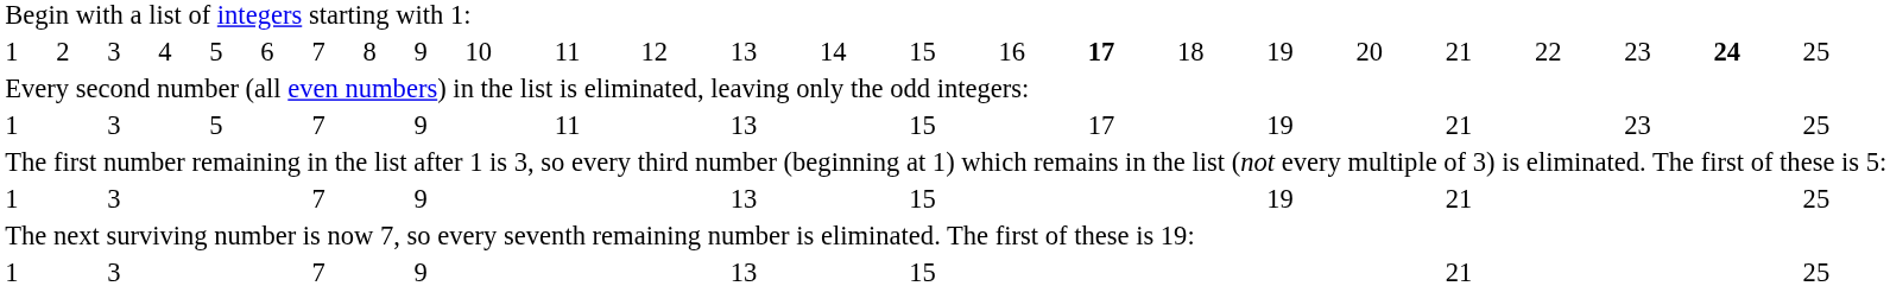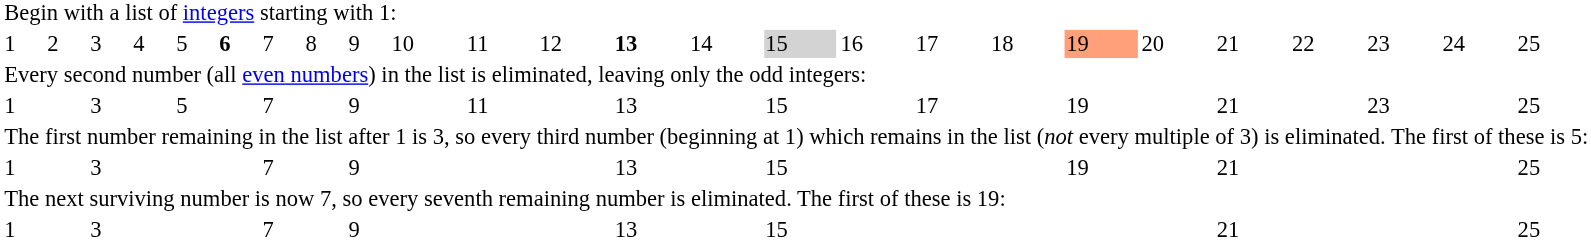 <table>
 <tr>
 <td colspan="25">Begin with a list of <a href='#'>integers</a> starting with 1:</td>
 </tr>
 <tr>
 <td>1</td>
 <td>2</td>
 <td>3</td>
 <td>4</td>
 <td>5</td>
-<td>6</td>
+<td><strong>6</strong></td>
 <td>7</td>
 <td>8</td>
 <td>9</td>
 <td>10</td>
 <td>11</td>
 <td>12</td>
-<td>13</td>
+<td><strong>13</strong></td>
 <td>14</td>
-<td>15</td>
+<td style="background: lightgrey;">15</td>
 <td>16</td>
-<td><strong>17</strong></td>
+<td>17</td>
 <td>18</td>
-<td>19</td>
+<td style="background: lightsalmon;">19</td>
 <td>20</td>
 <td>21</td>
 <td>22</td>
 <td>23</td>
-<td><strong>24</strong></td>
+<td>24</td>
 <td>25</td>
 </tr>
 <tr>
 <td colspan="25">Every second number (all <a href='#'>even numbers</a>) in the  list is eliminated, leaving only the odd integers:</td>
 </tr>
 <tr>
 <td>1</td>
 <td></td>
 <td>3</td>
 <td></td>
 <td>5</td>
 <td></td>
 <td>7</td>
 <td></td>
 <td>9</td>
 <td></td>
 <td>11</td>
 <td></td>
 <td>13</td>
 <td></td>
 <td>15</td>
 <td></td>
 <td>17</td>
 <td></td>
 <td>19</td>
 <td></td>
 <td>21</td>
 <td></td>
 <td>23</td>
 <td></td>
 <td>25</td>
 </tr>
 <tr>
 <td colspan="25">The first number remaining in the list after 1 is 3, so every third number (beginning at 1) which remains in the list (<em>not</em> every multiple of 3) is eliminated. The first of these is 5:</td>
 </tr>
 <tr>
 <td>1</td>
 <td></td>
 <td>3</td>
 <td></td>
 <td></td>
 <td></td>
 <td>7</td>
 <td></td>
 <td>9</td>
 <td></td>
 <td></td>
 <td></td>
 <td>13</td>
 <td></td>
 <td>15</td>
 <td></td>
 <td></td>
 <td></td>
 <td>19</td>
 <td></td>
 <td>21</td>
 <td></td>
 <td></td>
 <td></td>
 <td>25</td>
 </tr>
 <tr>
 <td colspan="25">The next surviving number is now 7, so every seventh remaining number is eliminated. The first of these is 19:</td>
 </tr>
 <tr>
 <td>1</td>
 <td></td>
 <td>3</td>
 <td></td>
 <td></td>
 <td></td>
 <td>7</td>
 <td></td>
 <td>9</td>
 <td></td>
 <td></td>
 <td></td>
 <td>13</td>
 <td></td>
 <td>15</td>
 <td></td>
 <td></td>
 <td></td>
 <td></td>
 <td></td>
 <td>21</td>
 <td></td>
 <td></td>
 <td></td>
 <td>25</td>
 </tr>
 </table>
